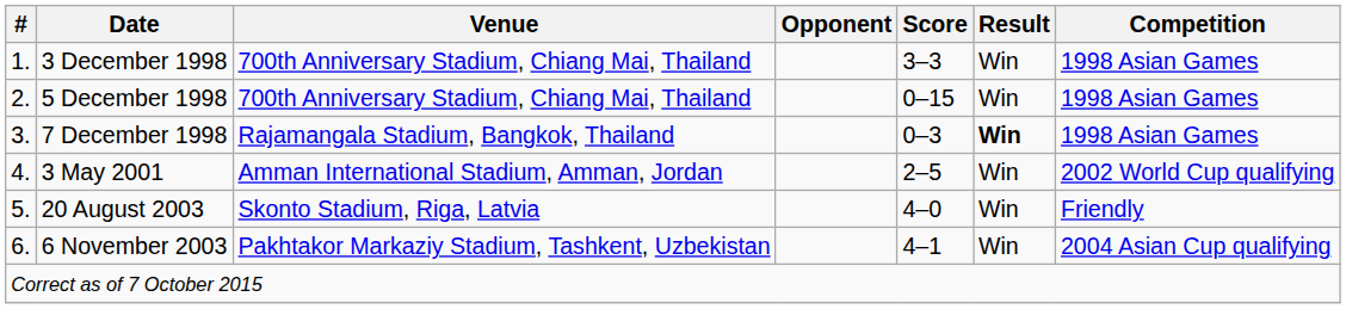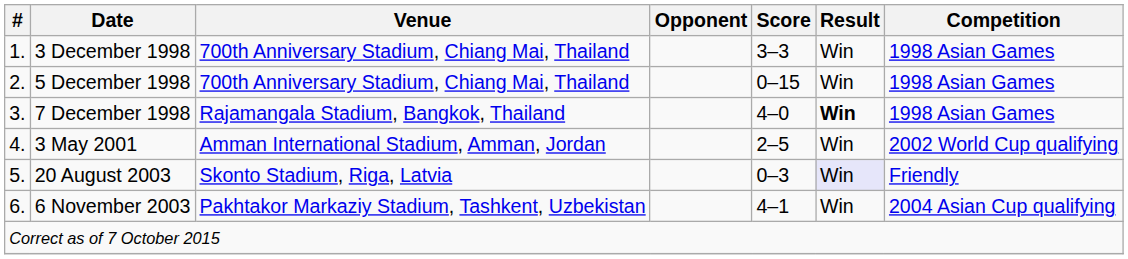 <table class="wikitable" style="font-size:95%;">
 <tr>
 <th>#</th>
 <th>Date</th>
 <th>Venue</th>
 <th>Opponent</th>
 <th>Score</th>
 <th>Result</th>
 <th>Competition</th>
 </tr>
 <tr>
 <td>1.</td>
 <td>3 December 1998</td>
 <td><a href='#'>700th Anniversary Stadium</a>, <a href='#'>Chiang Mai</a>, <a href='#'>Thailand</a></td>
 <td></td>
 <td>3–3</td>
 <td>Win</td>
 <td><a href='#'>1998 Asian Games</a></td>
 </tr>
 <tr>
 <td>2.</td>
 <td>5 December 1998</td>
 <td><a href='#'>700th Anniversary Stadium</a>, <a href='#'>Chiang Mai</a>, <a href='#'>Thailand</a></td>
 <td></td>
 <td>0–15</td>
 <td>Win</td>
 <td><a href='#'>1998 Asian Games</a></td>
 </tr>
 <tr>
 <td>3.</td>
 <td>7 December 1998</td>
 <td><a href='#'>Rajamangala Stadium</a>, <a href='#'>Bangkok</a>, <a href='#'>Thailand</a></td>
 <td></td>
-<td>0–3</td>
+<td>4–0</td>
 <td><strong>Win</strong></td>
 <td><a href='#'>1998 Asian Games</a></td>
 </tr>
 <tr>
 <td>4.</td>
 <td>3 May 2001</td>
 <td><a href='#'>Amman International Stadium</a>, <a href='#'>Amman</a>, <a href='#'>Jordan</a></td>
 <td></td>
 <td>2–5</td>
 <td>Win</td>
 <td><a href='#'>2002 World Cup qualifying</a></td>
 </tr>
 <tr>
 <td>5.</td>
 <td>20 August 2003</td>
 <td><a href='#'>Skonto Stadium</a>, <a href='#'>Riga</a>, <a href='#'>Latvia</a></td>
 <td></td>
-<td>4–0</td>
-<td>Win</td>
+<td>0–3</td>
+<td style="background: lavender;">Win</td>
 <td><a href='#'>Friendly</a></td>
 </tr>
 <tr>
 <td>6.</td>
 <td>6 November 2003</td>
 <td><a href='#'>Pakhtakor Markaziy Stadium</a>, <a href='#'>Tashkent</a>, <a href='#'>Uzbekistan</a></td>
 <td></td>
 <td>4–1</td>
 <td>Win</td>
 <td><a href='#'>2004 Asian Cup qualifying</a></td>
 </tr>
 <tr>
 <td colspan="15"><small><em>Correct as of 7 October 2015</em></small></td>
 </tr>
 <tr>
 </tr>
 </table>
